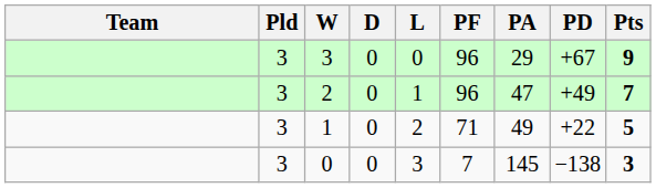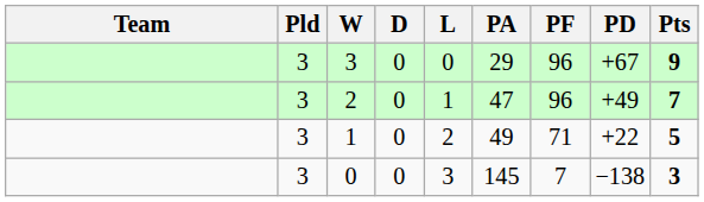 <table class="wikitable" style="text-align:center">
 <tr>
 <th width=175>Team</th>
 <th width=25 abbr="Played">Pld</th>
 <th width=25 abbr="Won">W</th>
 <th width=25 abbr="Drawn">D</th>
 <th width=25 abbr="Lost">L</th>
+<th width=32 abbr="Points against">PA</th>
 <th width=32 abbr="Points for">PF</th>
-<th width=32 abbr="Points against">PA</th>
 <th width=32 abbr="Points difference">PD</th>
 <th width=25 abbr="Points">Pts</th>
 </tr>
 <tr style="background:#cfc">
 <td align=left></td>
 <td>3</td>
 <td>3</td>
 <td>0</td>
 <td>0</td>
+<td>29</td>
 <td>96</td>
-<td>29</td>
 <td>+67</td>
 <td><strong>9</strong></td>
 </tr>
 <tr style="background:#cfc">
 <td align=left></td>
 <td>3</td>
 <td>2</td>
 <td>0</td>
 <td>1</td>
+<td>47</td>
 <td>96</td>
-<td>47</td>
 <td>+49</td>
 <td><strong>7</strong></td>
 </tr>
 <tr>
 <td align=left></td>
 <td>3</td>
 <td>1</td>
 <td>0</td>
 <td>2</td>
+<td>49</td>
 <td>71</td>
-<td>49</td>
 <td>+22</td>
 <td><strong>5</strong></td>
 </tr>
 <tr>
 <td align=left></td>
 <td>3</td>
 <td>0</td>
 <td>0</td>
 <td>3</td>
+<td>145</td>
 <td>7</td>
-<td>145</td>
 <td>−138</td>
 <td><strong>3</strong></td>
 </tr>
 </table>
